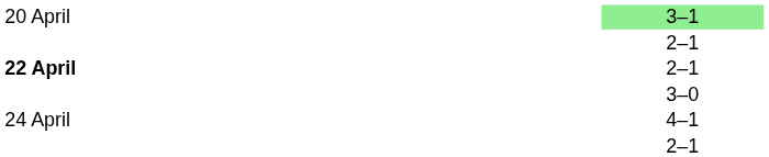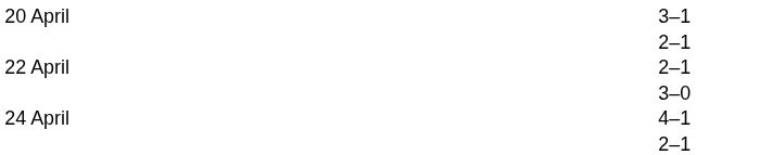 <table cellspacing=1 width=70%>
 <tr>
 <th width=25%></th>
 <th width=30%></th>
 <th width=15%></th>
 <th width=30%></th>
 </tr>
 <tr>
 <td>20 April</td>
 <td align=right></td>
-<td align=center style="background: lightgreen;">3–1</td>
+<td align=center>3–1</td>
 <td></td>
 </tr>
 <tr>
 <td></td>
 <td align=right></td>
 <td align=center>2–1</td>
 <td></td>
 </tr>
 <tr>
-<td><strong>22 April</strong></td>
+<td>22 April</td>
 <td align=right></td>
 <td align=center>2–1</td>
 <td></td>
 </tr>
 <tr>
 <td></td>
 <td align=right></td>
 <td align=center>3–0</td>
 <td></td>
 </tr>
 <tr>
 <td>24 April</td>
 <td align=right></td>
 <td align=center>4–1</td>
 <td></td>
 </tr>
 <tr>
 <td></td>
 <td align=right></td>
 <td align=center>2–1</td>
 <td></td>
 </tr>
 </table>
